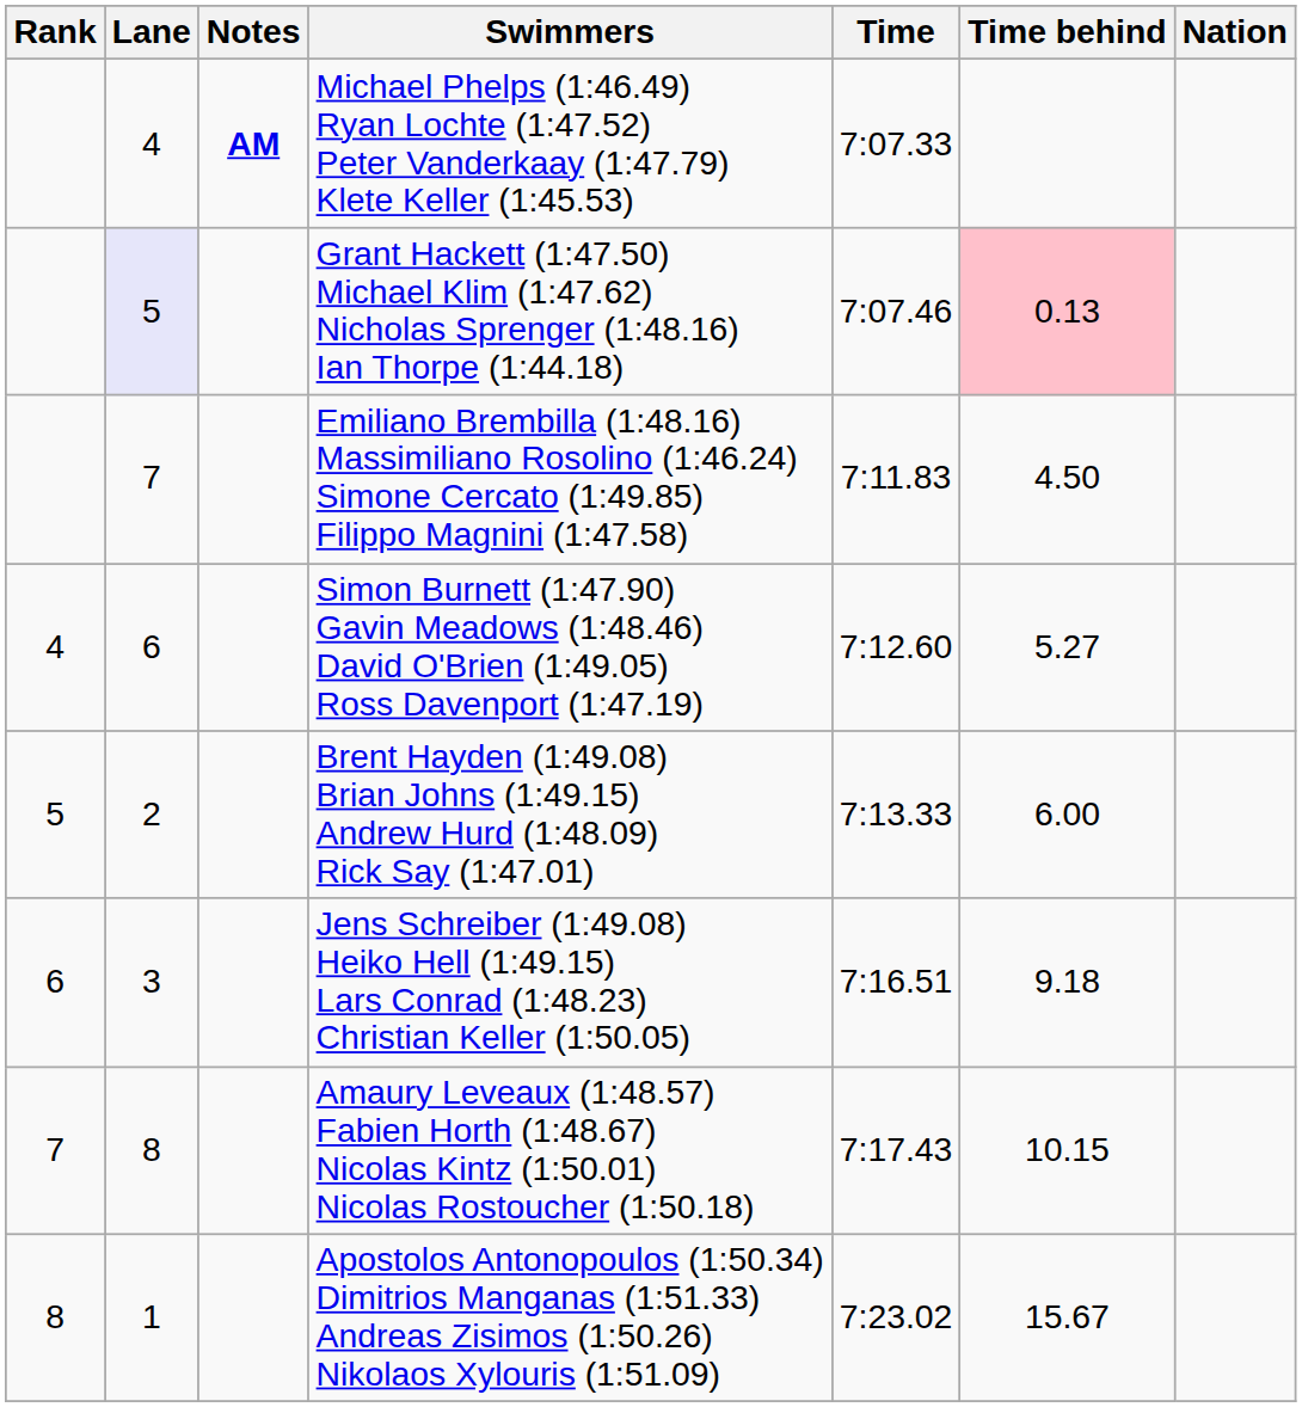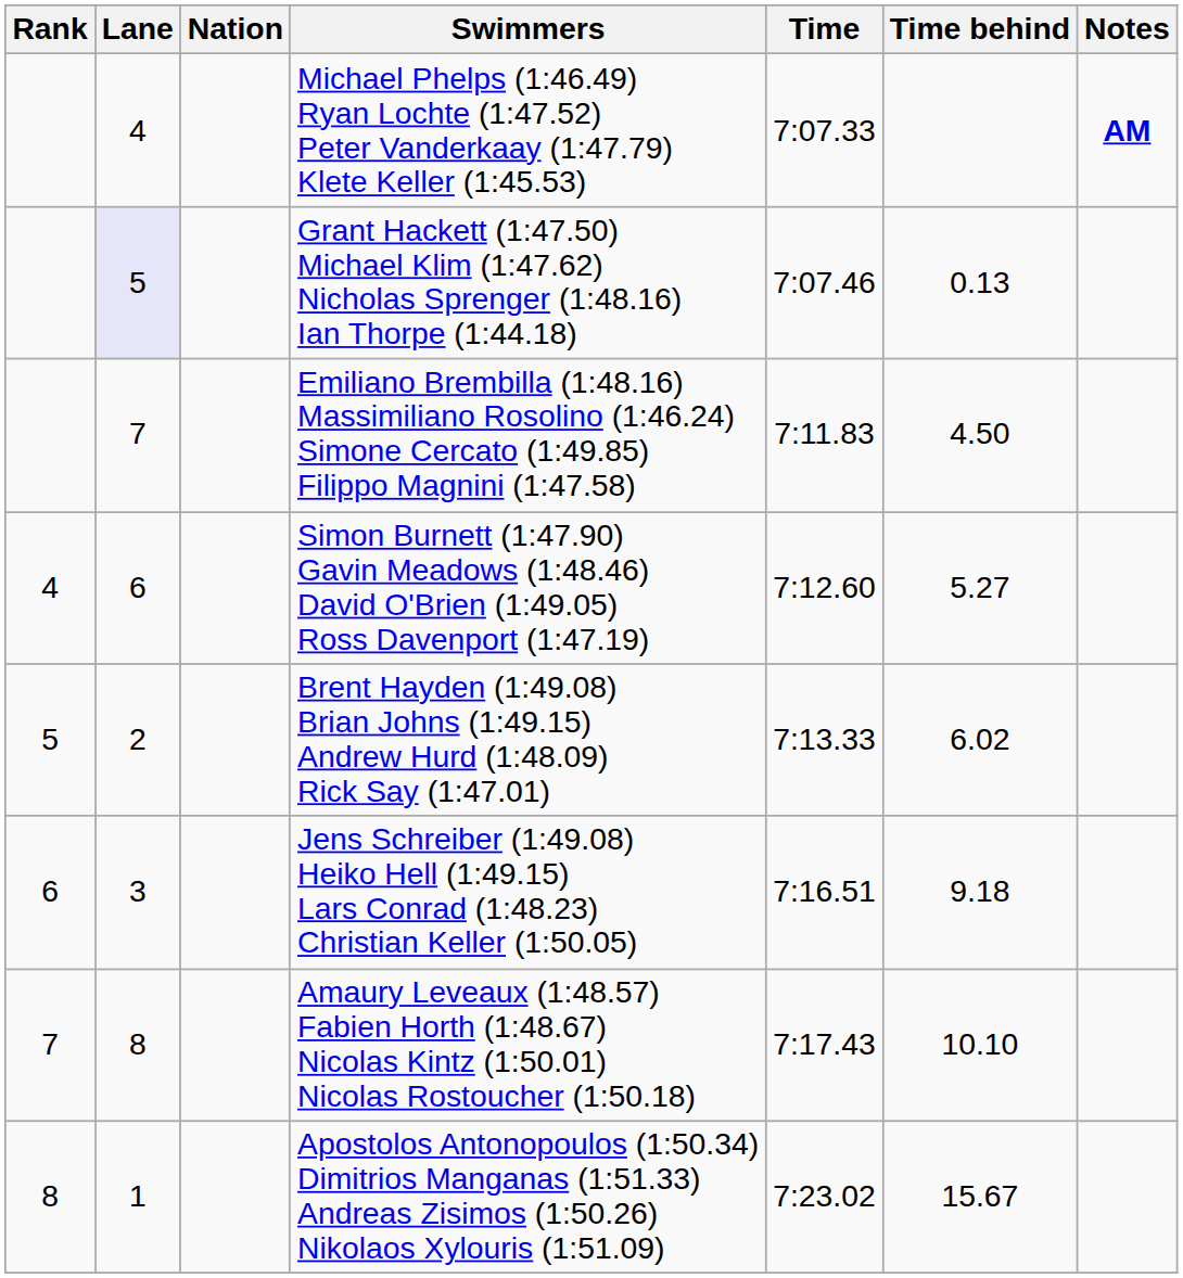 <table class="wikitable sortable" style="text-align:center">
 <tr>
 <th>Rank</th>
 <th>Lane</th>
-<th>Notes</th>
+<th>Nation</th>
 <th>Swimmers</th>
 <th>Time</th>
 <th>Time behind</th>
-<th>Nation</th>
+<th>Notes</th>
 </tr>
 <tr>
 <td></td>
 <td>4</td>
-<td><strong><a href='#'>AM</a></strong></td>
+<td align=left></td>
 <td align=left><a href='#'>Michael Phelps</a> (1:46.49)<br><a href='#'>Ryan Lochte</a> (1:47.52)<br><a href='#'>Peter Vanderkaay</a> (1:47.79)<br><a href='#'>Klete Keller</a> (1:45.53)</td>
 <td>7:07.33</td>
 <td></td>
-<td align=left></td>
+<td><strong><a href='#'>AM</a></strong></td>
 </tr>
 <tr>
 <td></td>
 <td style="background: lavender;">5</td>
-<td></td>
+<td align=left></td>
 <td align=left><a href='#'>Grant Hackett</a> (1:47.50)<br><a href='#'>Michael Klim</a> (1:47.62)<br><a href='#'>Nicholas Sprenger</a> (1:48.16)<br><a href='#'>Ian Thorpe</a> (1:44.18)</td>
 <td>7:07.46</td>
-<td style="background: pink;">0.13</td>
-<td align=left></td>
+<td>0.13</td>
+<td></td>
 </tr>
 <tr>
 <td></td>
 <td>7</td>
-<td></td>
+<td align=left></td>
 <td align=left><a href='#'>Emiliano Brembilla</a> (1:48.16)<br><a href='#'>Massimiliano Rosolino</a> (1:46.24)<br><a href='#'>Simone Cercato</a> (1:49.85)<br><a href='#'>Filippo Magnini</a> (1:47.58)</td>
 <td>7:11.83</td>
 <td>4.50</td>
-<td align=left></td>
+<td></td>
 </tr>
 <tr>
 <td>4</td>
 <td>6</td>
-<td></td>
+<td align=left></td>
 <td align=left><a href='#'>Simon Burnett</a> (1:47.90)<br><a href='#'>Gavin Meadows</a> (1:48.46)<br><a href='#'>David O'Brien</a> (1:49.05)<br><a href='#'>Ross Davenport</a> (1:47.19)</td>
 <td>7:12.60</td>
 <td>5.27</td>
-<td align=left></td>
+<td></td>
 </tr>
 <tr>
 <td>5</td>
 <td>2</td>
-<td></td>
+<td align=left></td>
 <td align=left><a href='#'>Brent Hayden</a> (1:49.08)<br><a href='#'>Brian Johns</a> (1:49.15)<br><a href='#'>Andrew Hurd</a> (1:48.09)<br><a href='#'>Rick Say</a> (1:47.01)</td>
 <td>7:13.33</td>
-<td>6.00</td>
-<td align=left></td>
+<td>6.02</td>
+<td></td>
 </tr>
 <tr>
 <td>6</td>
 <td>3</td>
-<td></td>
+<td align=left></td>
 <td align=left><a href='#'>Jens Schreiber</a> (1:49.08)<br><a href='#'>Heiko Hell</a> (1:49.15)<br><a href='#'>Lars Conrad</a> (1:48.23)<br><a href='#'>Christian Keller</a> (1:50.05)</td>
 <td>7:16.51</td>
 <td>9.18</td>
-<td align=left></td>
+<td></td>
 </tr>
 <tr>
 <td>7</td>
 <td>8</td>
-<td></td>
+<td align=left></td>
 <td align=left><a href='#'>Amaury Leveaux</a> (1:48.57)<br><a href='#'>Fabien Horth</a> (1:48.67)<br><a href='#'>Nicolas Kintz</a> (1:50.01)<br><a href='#'>Nicolas Rostoucher</a> (1:50.18)</td>
 <td>7:17.43</td>
-<td>10.15</td>
-<td align=left></td>
+<td>10.10</td>
+<td></td>
 </tr>
 <tr>
 <td>8</td>
 <td>1</td>
-<td></td>
+<td align=left></td>
 <td align=left><a href='#'>Apostolos Antonopoulos</a> (1:50.34)<br><a href='#'>Dimitrios Manganas</a> (1:51.33)<br><a href='#'>Andreas Zisimos</a> (1:50.26)<br><a href='#'>Nikolaos Xylouris</a> (1:51.09)</td>
 <td>7:23.02</td>
 <td>15.67</td>
-<td align=left></td>
+<td></td>
 </tr>
 </table>
